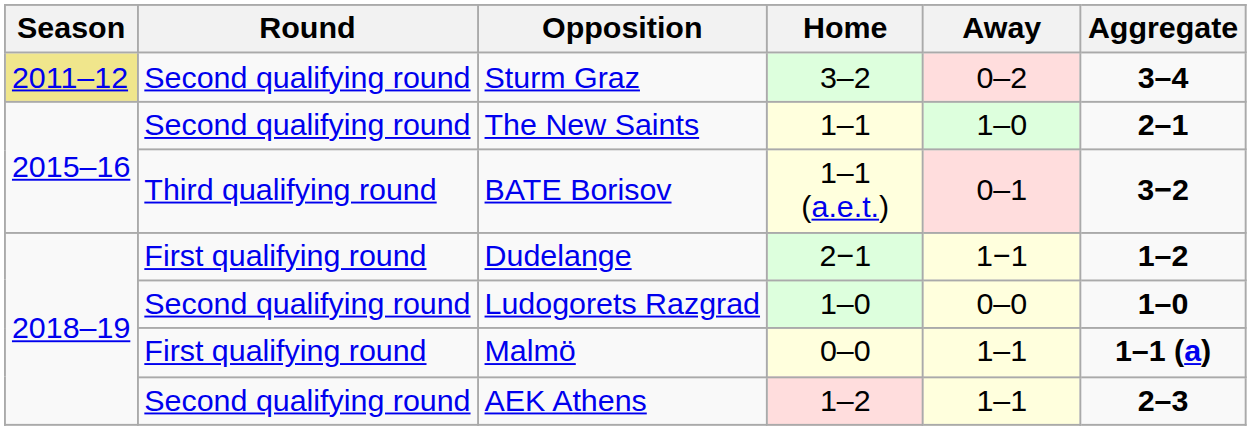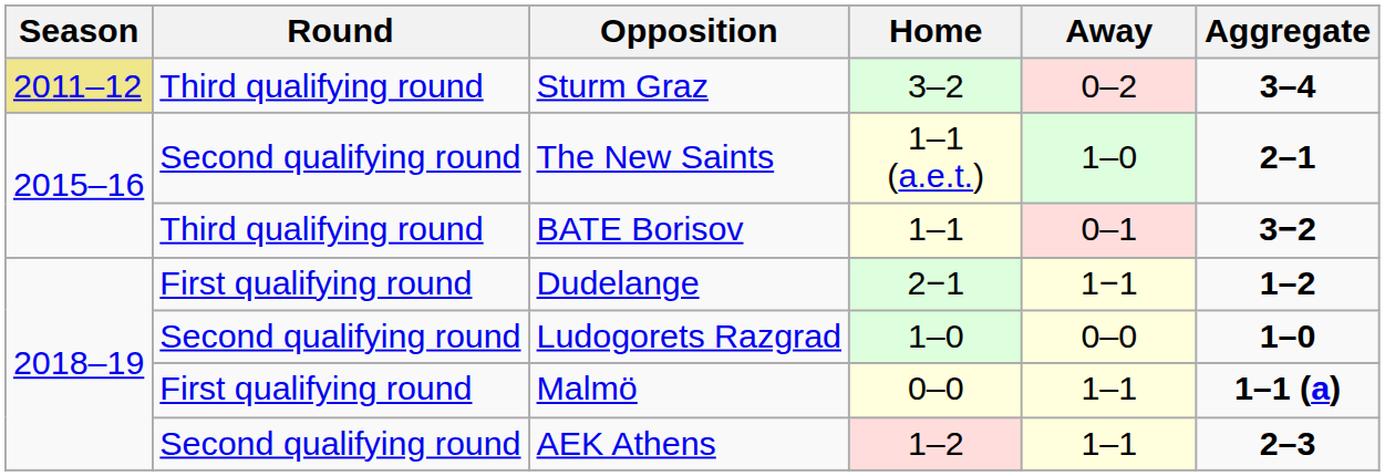 <table class="wikitable">
 <tr>
 <th>Season</th>
 <th>Round</th>
 <th>Opposition</th>
 <th width=75>Home</th>
 <th width=75>Away</th>
 <th width=80>Aggregate</th>
 </tr>
 <tr>
 <td style="background: khaki;"><a href='#'>2011–12</a></td>
-<td><a href='#'>Second qualifying round</a></td>
+<td><a href='#'>Third qualifying round</a></td>
 <td> <a href='#'>Sturm Graz</a></td>
 <td style="text-align:center; background:#dfd;">3–2</td>
 <td style="text-align:center; background:#fdd;">0–2</td>
 <td style="text-align:center;"><strong>3–4</strong></td>
 </tr>
 <tr>
 <td rowspan="2"><a href='#'>2015–16</a></td>
 <td><a href='#'>Second qualifying round</a></td>
 <td> <a href='#'>The New Saints</a></td>
-<td style="text-align:center; background:#ffd;">1–1</td>
+<td style="text-align:center; background:#ffd;">1–1 (<a href='#'>a.e.t.</a>)</td>
 <td style="text-align:center; background:#dfd;">1–0</td>
 <td style="text-align:center;"><strong>2–1</strong></td>
 </tr>
 <tr>
 <td><a href='#'>Third qualifying round</a></td>
 <td> <a href='#'>BATE Borisov</a></td>
-<td style="text-align:center; background:#ffd;">1–1 (<a href='#'>a.e.t.</a>)</td>
+<td style="text-align:center; background:#ffd;">1–1</td>
 <td style="text-align:center; background:#fdd;">0–1</td>
 <td style="text-align:center;"><strong>3−2</strong></td>
 </tr>
 <tr>
 <td rowspan="4"><a href='#'>2018–19</a></td>
 <td><a href='#'>First qualifying round</a></td>
 <td> <a href='#'>Dudelange</a></td>
 <td style="text-align:center; background:#dfd;">2−1</td>
 <td style="text-align:center; background:#ffd;">1−1</td>
 <td style="text-align:center;"><strong>1–2</strong></td>
 </tr>
 <tr>
 <td><a href='#'>Second qualifying round</a></td>
 <td> <a href='#'>Ludogorets Razgrad</a></td>
 <td style="text-align:center; background:#dfd;">1–0</td>
 <td style="text-align:center; background:#ffd;">0–0</td>
 <td style="text-align:center;"><strong>1–0</strong></td>
 </tr>
 <tr>
 <td><a href='#'>First qualifying round</a></td>
 <td> <a href='#'>Malmö</a></td>
 <td style="text-align:center; background:#ffd;">0–0</td>
 <td style="text-align:center; background:#ffd;">1–1</td>
 <td align=center><strong>1–1 (<a href='#'>a</a>)</strong></td>
 </tr>
 <tr>
 <td><a href='#'>Second qualifying round</a></td>
 <td> <a href='#'>AEK Athens</a></td>
 <td style="text-align:center; background:#fdd;">1–2</td>
 <td style="text-align:center; background:#ffd;">1–1</td>
 <td align=center><strong>2–3</strong></td>
 </tr>
 </table>
